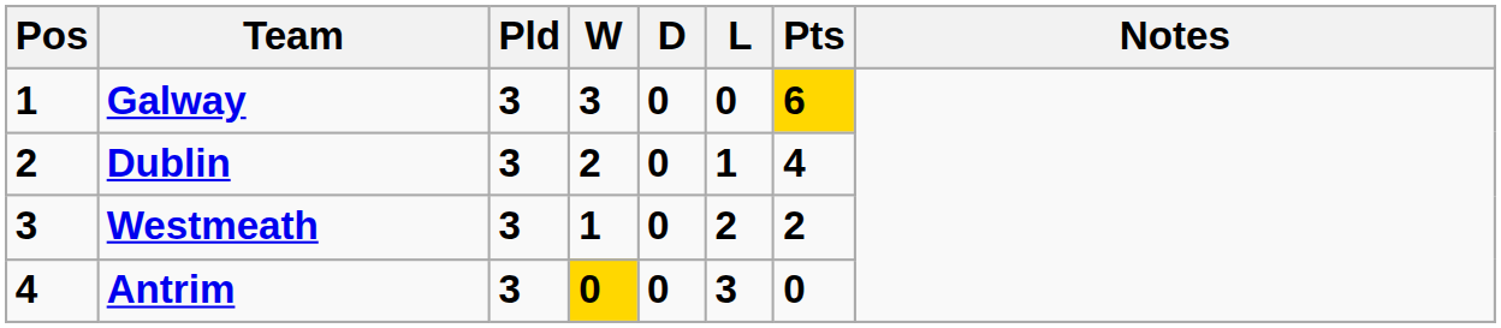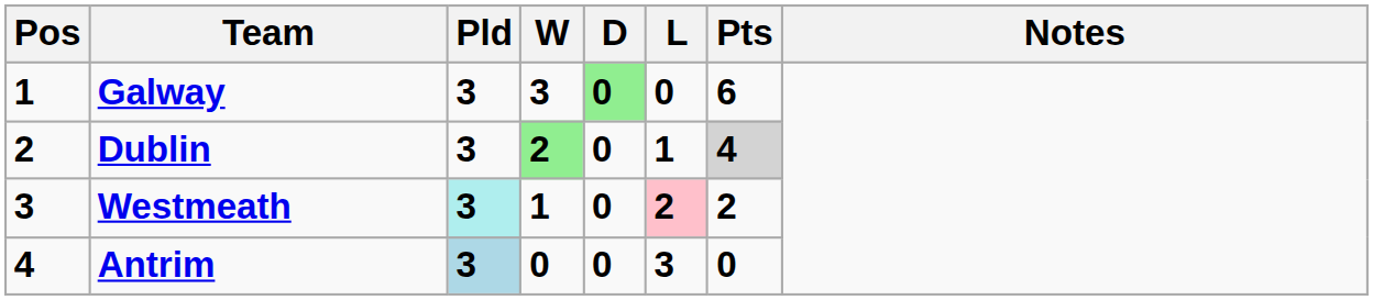 <table class="wikitable" style="text-align: centre;">
 <tr>
 <th width=20>Pos</th>
 <th width=150>Team</th>
 <th width=20>Pld</th>
 <th width=20>W</th>
 <th width=20>D</th>
 <th width=20>L</th>
 <th width=20>Pts</th>
 <th width=250>Notes</th>
 </tr>
 <tr>
 <td><strong>1</strong></td>
 <td align=left><strong> <a href='#'>Galway</a> </strong></td>
 <td><strong>3</strong></td>
 <td><strong>3</strong></td>
+<td style="background: lightgreen;"><strong>0</strong></td>
 <td><strong>0</strong></td>
-<td><strong>0</strong></td>
-<td style="background: gold;"><strong>6</strong></td>
+<td><strong>6</strong></td>
 </tr>
 <tr>
 <td><strong>2</strong></td>
 <td align=left><strong> <a href='#'>Dublin</a> </strong></td>
 <td><strong>3</strong></td>
-<td><strong>2</strong></td>
+<td style="background: lightgreen;"><strong>2</strong></td>
 <td><strong>0</strong></td>
 <td><strong>1</strong></td>
-<td><strong>4</strong></td>
+<td style="background: lightgrey;"><strong>4</strong></td>
 </tr>
 <tr>
 <td><strong>3</strong></td>
 <td align=left><strong> <a href='#'>Westmeath</a> </strong></td>
-<td><strong>3</strong></td>
+<td style="background: paleturquoise;"><strong>3</strong></td>
 <td><strong>1</strong></td>
 <td><strong>0</strong></td>
-<td><strong>2</strong></td>
+<td style="background: pink;"><strong>2</strong></td>
 <td><strong>2</strong></td>
 </tr>
 <tr>
 <td><strong>4</strong></td>
 <td align=left><strong> <a href='#'>Antrim</a> </strong></td>
-<td><strong>3</strong></td>
-<td style="background: gold;"><strong>0</strong></td>
+<td style="background: lightblue;"><strong>3</strong></td>
+<td><strong>0</strong></td>
 <td><strong>0</strong></td>
 <td><strong>3</strong></td>
 <td><strong>0</strong></td>
 </tr>
 </table>
